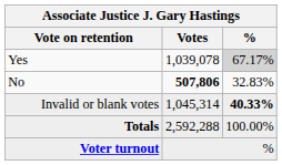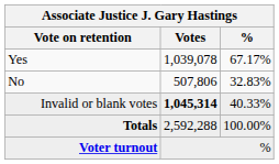 <table class="wikitable" style="font-size: 95%;">
 <tr style="background-color:#E9E9E9">
 <th colspan=7>Associate Justice J. Gary Hastings</th>
 </tr>
 <tr style="background-color:#E9E9E9">
 <th style="width: 170px">Vote on retention</th>
 <th style="width: 50px">Votes</th>
 <th style="width: 40px">%</th>
 </tr>
 <tr>
 <td>Yes</td>
 <td align="right">1,039,078</td>
-<td align="right" style="background: lightgrey;">67.17%</td>
+<td align="right">67.17%</td>
 </tr>
 <tr>
 <td>No</td>
-<td align="right"><strong>507,806</strong></td>
+<td align="right">507,806</td>
 <td align="right">32.83%</td>
 </tr>
 <tr style="background-color:#EEEEEE">
 <td align="right">Invalid or blank votes</td>
-<td align="right">1,045,314</td>
-<td align="right"><strong>40.33%</strong></td>
+<td align="right"><strong>1,045,314</strong></td>
+<td align="right">40.33%</td>
 </tr>
 <tr style="background-color:#EEEEEE">
 <td colspan="1" align="right"><strong>Totals</strong></td>
 <td align="right">2,592,288</td>
 <td align="right">100.00%</td>
 </tr>
 <tr style="background-color:#EEEEEE">
 <td align="right"><strong><a href='#'>Voter turnout</a></strong></td>
 <td colspan="2" align="right">%</td>
 </tr>
 </table>
